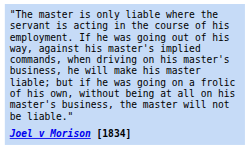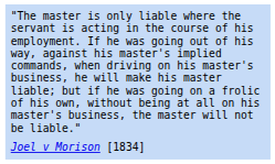 <table class="toccolours" style="float: right; margin-left: 1em; margin-right: 2em; font-size: 85%; background:#c6dbf7; color:black; width:25em; max-width: 34%;" cellspacing="5">
 <tr>
 <td style="text-align: left;">"The master is only liable where the servant is acting in the course of his employment. If he was going out of his way, against his master's implied commands, when driving on his master's business, he will make his master liable; but if he was going on a frolic of his own, without being at all on his master's business, the master will not be liable."</td>
 </tr>
 <tr>
-<td style="text-align: left;"><strong><em><a href='#'>Joel v Morison</a></em> [1834] </strong></td>
+<td style="text-align: left;"><em><a href='#'>Joel v Morison</a></em> [1834] </td>
 </tr>
 </table>
